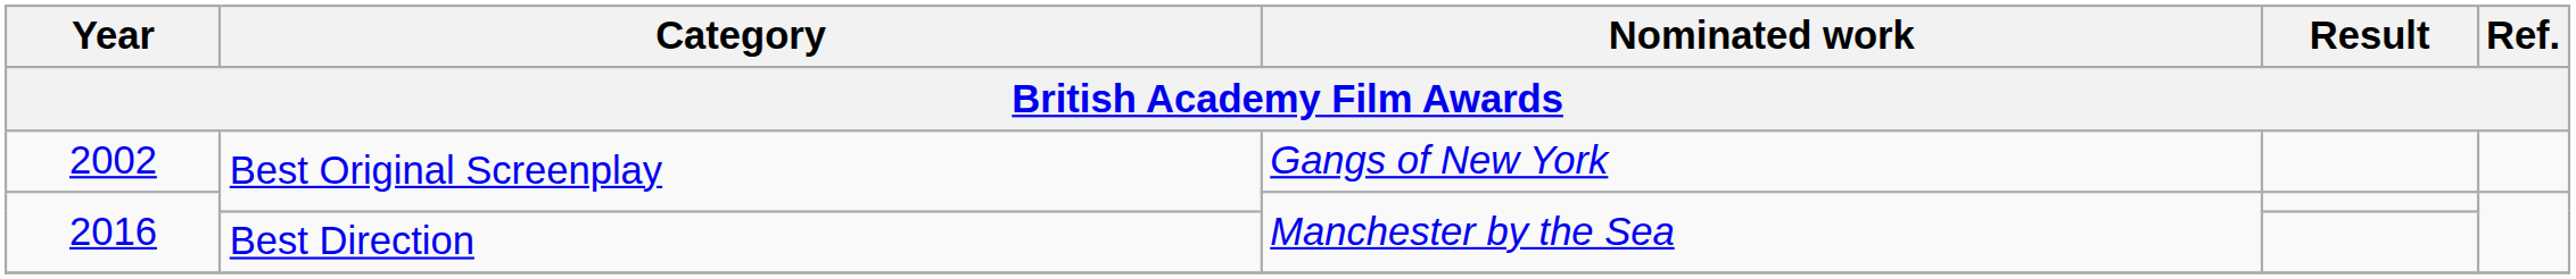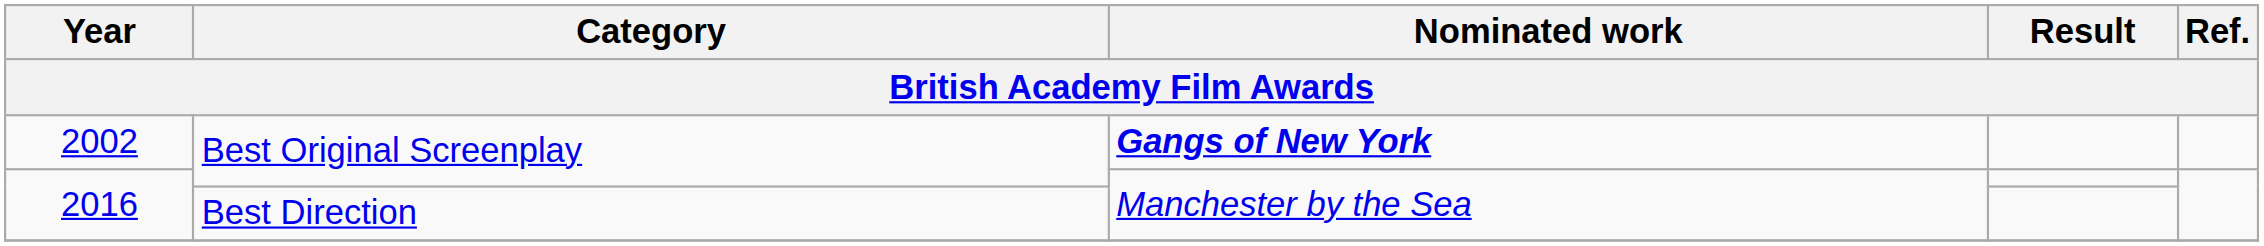 <table class=wikitable>
 <tr>
 <th scope="col" style="width:5em;">Year</th>
 <th scope="col" style="width:26em;">Category</th>
 <th scope="col" style="width:25em;">Nominated work</th>
 <th scope="col" style="width:5em;">Result</th>
 <th>Ref.</th>
 </tr>
 <tr>
 <th colspan=5><a href='#'>British Academy Film Awards</a></th>
 </tr>
 <tr>
 <td style="text-align:center;"><a href='#'>2002</a></td>
 <td rowspan=2><a href='#'>Best Original Screenplay</a></td>
-<td><em><a href='#'>Gangs of New York</a></em></td>
+<td><strong><em><a href='#'>Gangs of New York</a></em></strong></td>
 <td></td>
 <td style="text-align:center;"></td>
 </tr>
 <tr>
 <td style="text-align:center;", rowspan=2><a href='#'>2016</a></td>
 <td rowspan=2><em><a href='#'>Manchester by the Sea</a></em></td>
 <td></td>
 <td rowspan=2, style="text-align:center;"></td>
 </tr>
 <tr>
 <td><a href='#'>Best Direction</a></td>
 <td></td>
 </tr>
 <tr>
 </tr>
 </table>
